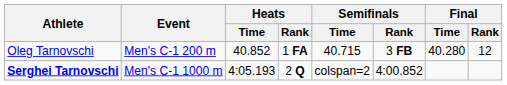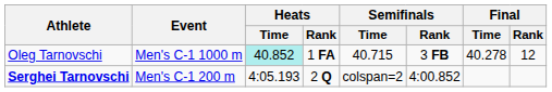 <table class=wikitable style="font-size:90%">
 <tr>
 <th rowspan="2">Athlete</th>
 <th rowspan="2">Event</th>
 <th colspan=2>Heats</th>
 <th colspan=2>Semifinals</th>
 <th colspan=2>Final</th>
 </tr>
 <tr style="font-size:95%">
 <th>Time</th>
 <th>Rank</th>
 <th>Time</th>
 <th>Rank</th>
 <th>Time</th>
 <th>Rank</th>
 </tr>
 <tr align=center>
 <td align=left><a href='#'>Oleg Tarnovschi</a></td>
-<td align=left><a href='#'>Men's C-1 200 m</a></td>
-<td>40.852</td>
+<td align=left><a href='#'>Men's C-1 1000 m</a></td>
+<td style="background: paleturquoise;">40.852</td>
 <td>1 <strong>FA</strong></td>
 <td>40.715</td>
 <td>3 <strong>FB</strong></td>
-<td>40.280</td>
+<td>40.278</td>
 <td>12</td>
 </tr>
 <tr align=center>
 <td align=left><strong><a href='#'>Serghei Tarnovschi</a></strong></td>
-<td align=left><a href='#'>Men's C-1 1000 m</a></td>
+<td align=left><a href='#'>Men's C-1 200 m</a></td>
 <td>4:05.193</td>
 <td>2 <strong>Q</strong></td>
 <td>colspan=2 </td>
 <td>4:00.852</td>
 <td></td>
 </tr>
 </table>
